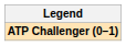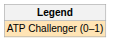 <table class=wikitable style=font-size:97%>
 <tr>
 <th>Legend</th>
 </tr>
 <tr bgcolor=moccasin>
-<td><strong>ATP Challenger (0–1)</strong></td>
+<td>ATP Challenger (0–1)</td>
 </tr>
 </table>
